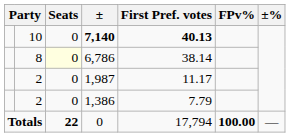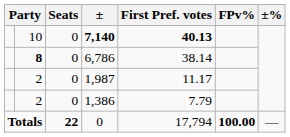 <table class=wikitable>
 <tr>
 <th colspan=2 align=center>Party</th>
 <th valign=top>Seats</th>
 <th valign=top>±</th>
 <th valign=top>First Pref. votes</th>
 <th valign=top>FPv%</th>
 <th valign=top>±%</th>
 </tr>
 <tr>
 <td></td>
 <td align=right>10</td>
 <td align=right>0</td>
 <td align=right><strong>7,140</strong></td>
 <td align=right><strong>40.13</strong></td>
 <td align=right></td>
 </tr>
 <tr>
 <td></td>
-<td align=right>8</td>
-<td align=right style="background: lightyellow;">0</td>
+<td align=right><strong>8</strong></td>
+<td align=right>0</td>
 <td align=right>6,786</td>
 <td align=right>38.14</td>
 <td align=right></td>
 </tr>
 <tr>
 <td></td>
 <td align=right>2</td>
 <td align=right>0</td>
 <td align=right>1,987</td>
 <td align=right>11.17</td>
 <td align=right></td>
 </tr>
 <tr>
 <td></td>
 <td align=right>2</td>
 <td align=right>0</td>
 <td align=right>1,386</td>
 <td align=right>7.79</td>
 <td align=right></td>
 </tr>
 <tr>
 <td colspan=2 align=center><strong>Totals</strong></td>
 <td align=right><strong>22</strong></td>
 <td align=center>0</td>
 <td align=right>17,794</td>
 <td align=center><strong>100.00</strong></td>
 <td align=center>—</td>
 </tr>
 </table>
